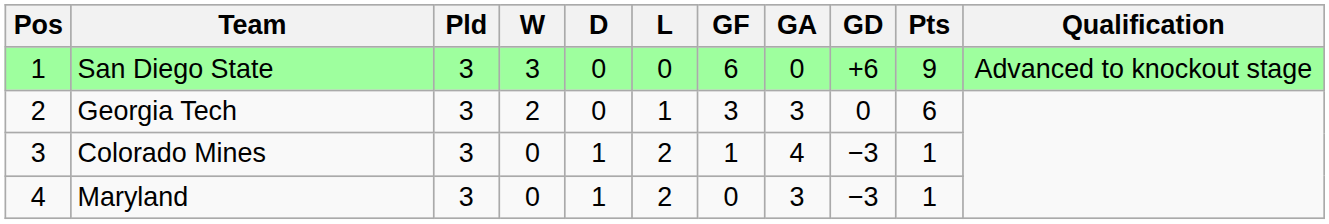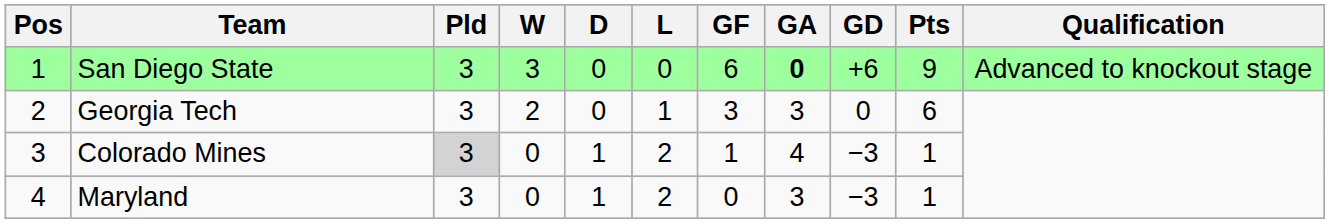 <table class="wikitable" style="text-align:center; margin: 1em auto">
 <tr>
 <th style=width:2em>Pos</th>
 <th style=width:13em>Team</th>
 <th style=width:2em>Pld</th>
 <th style=width:2em>W</th>
 <th style=width:2em>D</th>
 <th style=width:2em>L</th>
 <th style=width:2em>GF</th>
 <th style=width:2em>GA</th>
 <th style=width:2em>GD</th>
 <th style=width:2em>Pts</th>
 <th style=width:13em>Qualification</th>
 </tr>
 <tr bgcolor="#9eff9e">
 <td>1</td>
 <td style="text-align:left">San Diego State</td>
 <td>3</td>
 <td>3</td>
 <td>0</td>
 <td>0</td>
 <td>6</td>
-<td>0</td>
+<td><strong>0</strong></td>
 <td>+6</td>
 <td>9</td>
 <td>Advanced to knockout stage</td>
 </tr>
 <tr>
 <td>2</td>
 <td style="text-align:left">Georgia Tech</td>
 <td>3</td>
 <td>2</td>
 <td>0</td>
 <td>1</td>
 <td>3</td>
 <td>3</td>
 <td>0</td>
 <td>6</td>
 </tr>
 <tr>
 <td>3</td>
 <td style="text-align:left">Colorado Mines</td>
-<td>3</td>
+<td style="background: lightgrey;">3</td>
 <td>0</td>
 <td>1</td>
 <td>2</td>
 <td>1</td>
 <td>4</td>
 <td>−3</td>
 <td>1</td>
 </tr>
 <tr>
 <td>4</td>
 <td style="text-align:left">Maryland</td>
 <td>3</td>
 <td>0</td>
 <td>1</td>
 <td>2</td>
 <td>0</td>
 <td>3</td>
 <td>−3</td>
 <td>1</td>
 </tr>
 </table>
